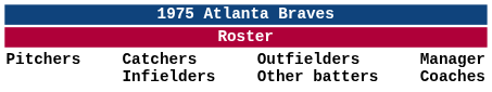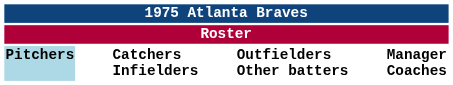 <table class="toccolours" style="font-size: 95%;">
 <tr>
 <th colspan="10" style="background-color: #0f437c; color: white; text-align: center;">1975 Atlanta Braves</th>
 </tr>
 <tr>
 <td colspan="10" style="background-color: #af0039; color: white; text-align: center;"><strong>Roster</strong></td>
 </tr>
 <tr>
-<td valign="top"><strong>Pitchers</strong><br>                  </td>
+<td valign="top" style="background: lightblue;"><strong>Pitchers</strong><br>                  </td>
 <td width="25px"></td>
 <td valign="top"><strong>Catchers</strong><br>    <strong>Infielders</strong>          </td>
 <td width="25px"></td>
 <td valign="top"><strong>Outfielders</strong><br>     <strong>Other batters</strong>  </td>
 <td width="25px"></td>
 <td valign="top"><strong>Manager</strong><br>  <strong>Coaches</strong>    </td>
 </tr>
 </table>
